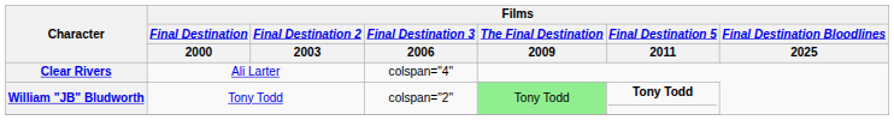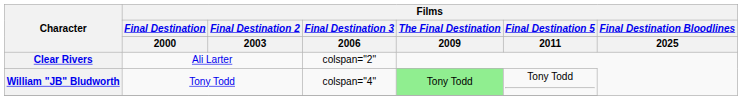 <table class="wikitable" style="text-align:center">
 <tr>
 <th rowspan="3">Character</th>
 <th colspan="6">Films</th>
 </tr>
 <tr>
 <th><em><a href='#'>Final Destination</a></em></th>
 <th><em><a href='#'>Final Destination 2</a></em></th>
 <th><em><a href='#'>Final Destination 3</a></em></th>
 <th><em> <a href='#'>The Final Destination</a></em></th>
 <th><em><a href='#'>Final Destination 5</a></em></th>
 <th><em><a href='#'>Final Destination Bloodlines</a></em></th>
 </tr>
 <tr>
 <th>2000</th>
 <th>2003</th>
 <th>2006</th>
 <th>2009</th>
 <th>2011</th>
 <th>2025</th>
 </tr>
 <tr>
 <th><a href='#'>Clear Rivers</a></th>
 <td colspan="2"><a href='#'>Ali Larter</a></td>
-<td>colspan="4" </td>
+<td>colspan="2" </td>
 </tr>
 <tr>
 <th><a href='#'>William "JB" Bludworth</a></th>
 <td colspan="2"><a href='#'>Tony Todd</a></td>
-<td>colspan="2" </td>
+<td>colspan="4" </td>
 <td style="background: lightgreen;">Tony Todd</td>
-<td><strong>Tony Todd<hr></strong></td>
+<td>Tony Todd<hr></td>
 </tr>
 <tr>
 </tr>
 </table>
